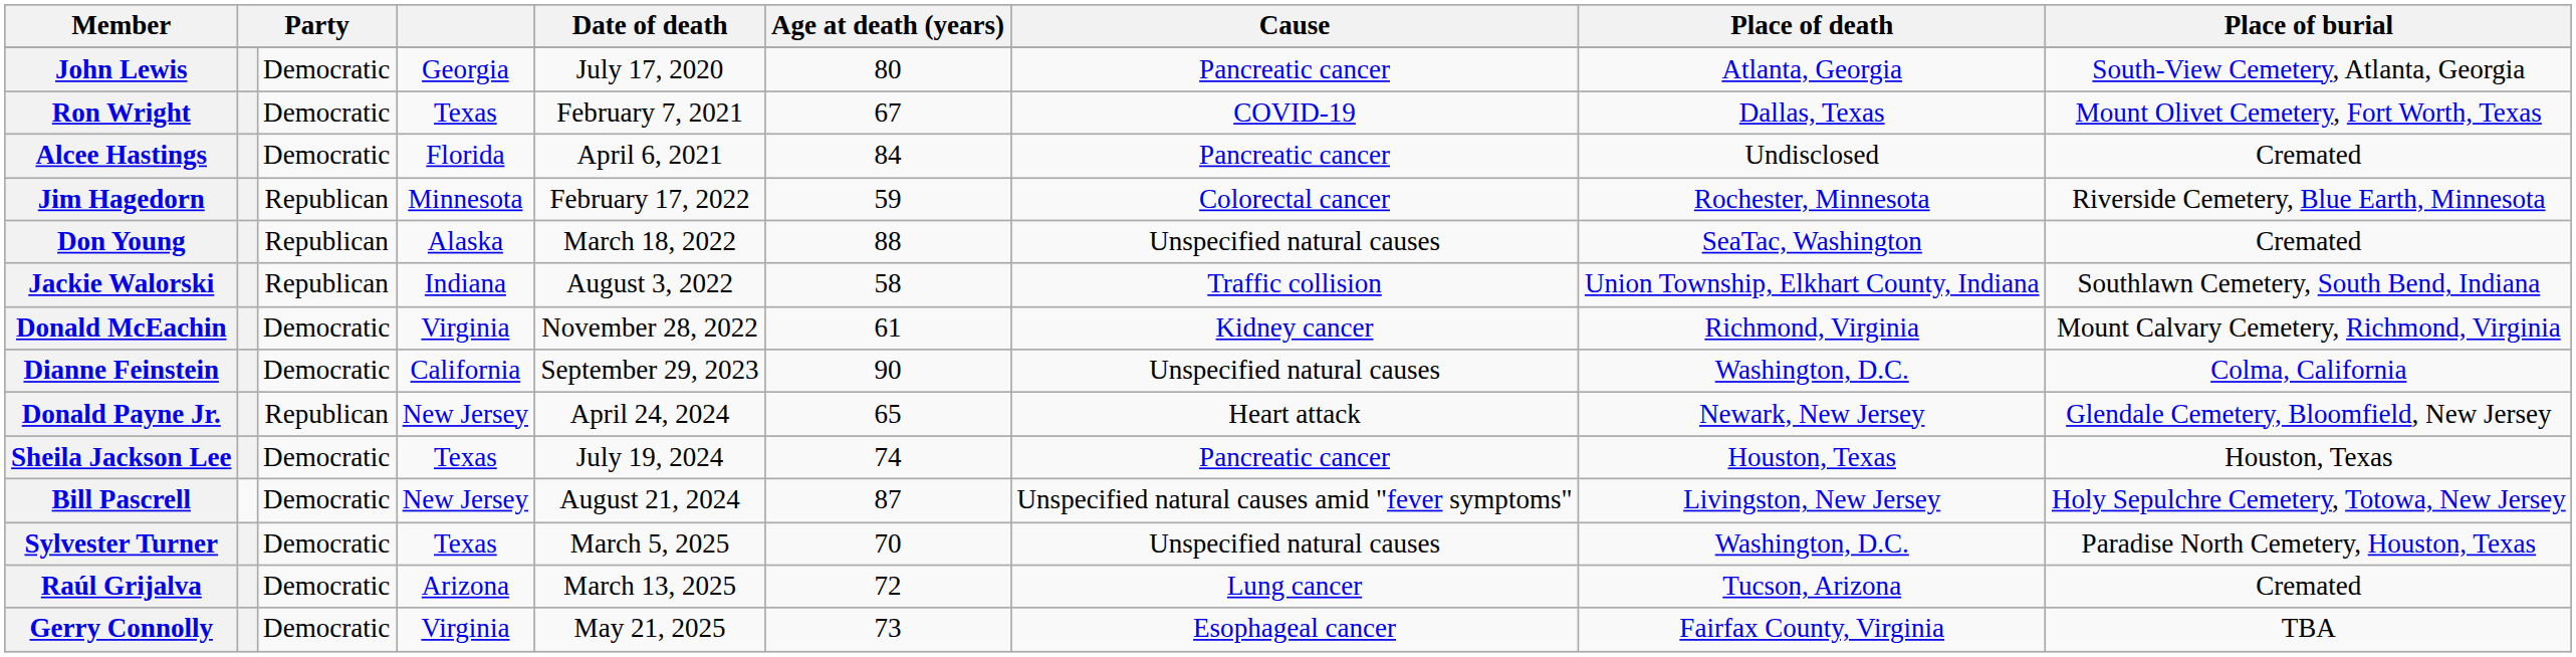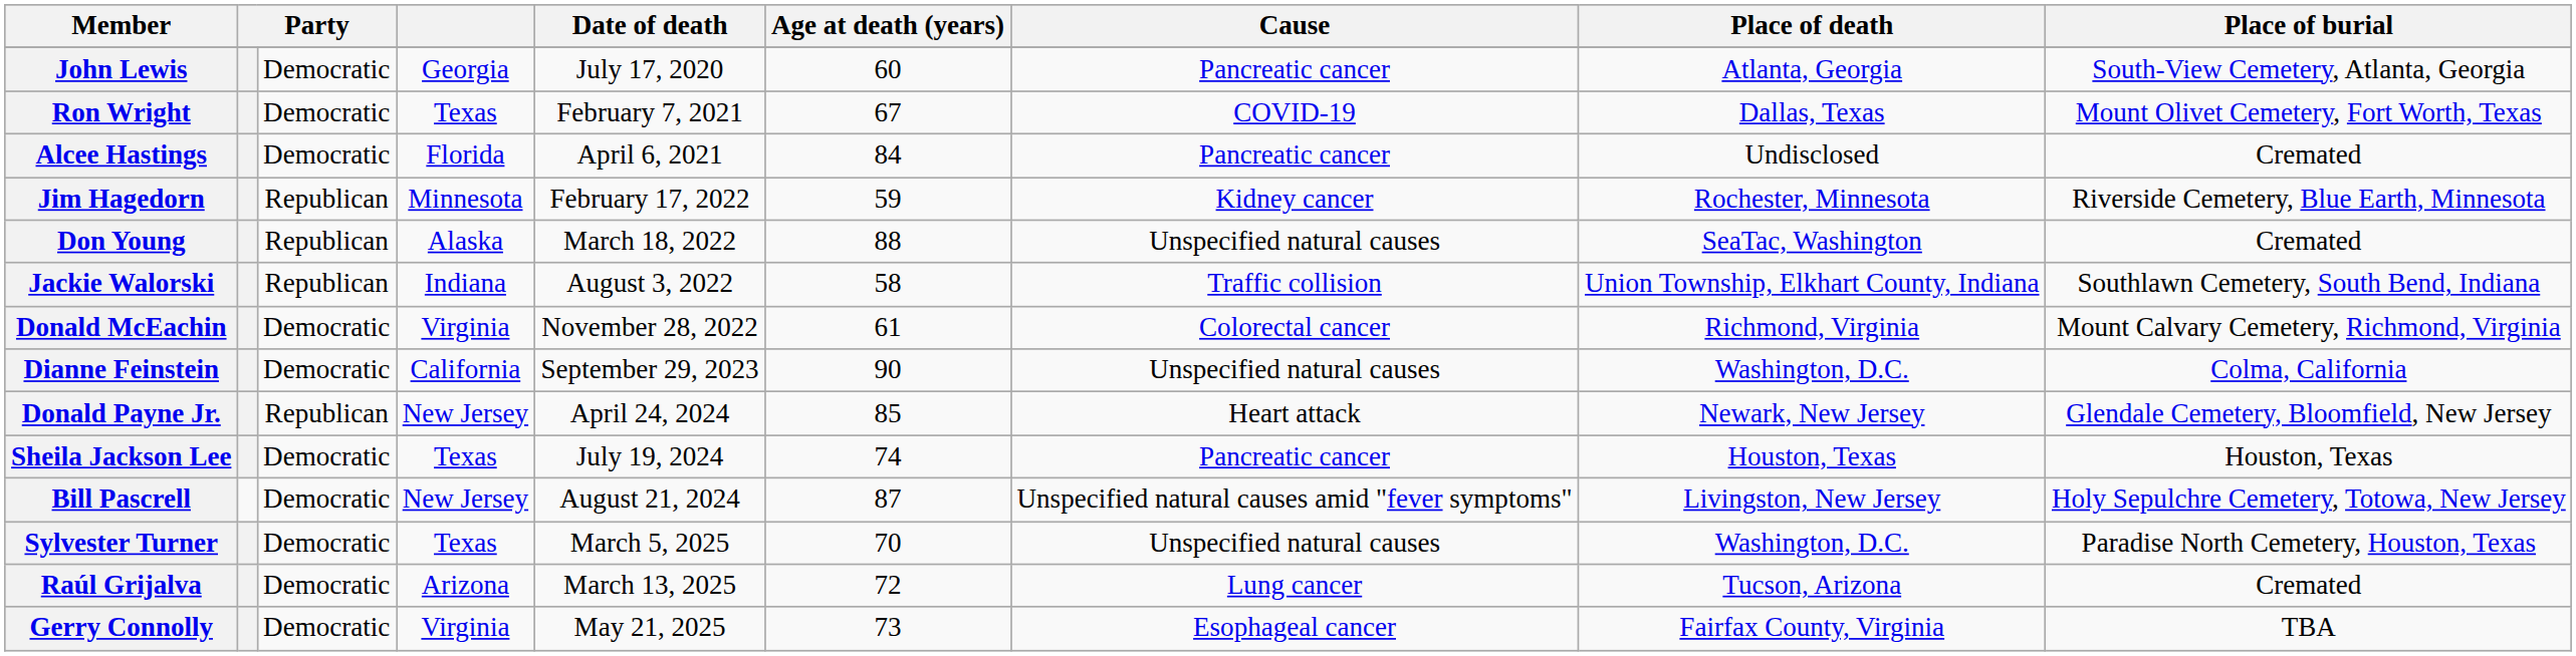 <table class="wikitable sortable" style="text-align:center">
 <tr>
 <th>Member</th>
 <th colspan = 2>Party</th>
 <th></th>
 <th>Date of death</th>
 <th>Age at death (years)</th>
 <th>Cause</th>
 <th>Place of death</th>
 <th>Place of burial</th>
 </tr>
 <tr>
 </tr>
 <tr>
 <th><a href='#'>John Lewis</a></th>
 <th style="background:"> </th>
 <td>Democratic</td>
 <td><a href='#'>Georgia</a><br></td>
 <td nowrap>July 17, 2020</td>
-<td nowrap>80</td>
+<td nowrap>60</td>
 <td><a href='#'>Pancreatic cancer</a></td>
 <td><a href='#'>Atlanta, Georgia</a></td>
 <td><a href='#'>South-View Cemetery</a>, Atlanta, Georgia</td>
 </tr>
 <tr>
 <th><a href='#'>Ron Wright</a></th>
 <th style="background:"> </th>
 <td>Democratic</td>
 <td><a href='#'>Texas</a><br></td>
 <td nowrap>February 7, 2021</td>
 <td nowrap>67</td>
 <td><a href='#'>COVID-19</a></td>
 <td><a href='#'>Dallas, Texas</a></td>
 <td><a href='#'>Mount Olivet Cemetery</a>, <a href='#'>Fort Worth, Texas</a></td>
 </tr>
 <tr>
 <th><a href='#'>Alcee Hastings</a></th>
 <th style="background:"> </th>
 <td>Democratic</td>
 <td><a href='#'>Florida</a><br></td>
 <td nowrap>April 6, 2021</td>
 <td nowrap>84</td>
 <td><a href='#'>Pancreatic cancer</a></td>
 <td>Undisclosed</td>
 <td>Cremated</td>
 </tr>
 <tr>
 <th><a href='#'>Jim Hagedorn</a></th>
 <th style="background:"> </th>
 <td>Republican</td>
 <td><a href='#'>Minnesota</a><br></td>
 <td nowrap>February 17, 2022</td>
 <td nowrap>59</td>
-<td><a href='#'>Colorectal cancer</a></td>
+<td><a href='#'>Kidney cancer</a></td>
 <td><a href='#'>Rochester, Minnesota</a></td>
 <td>Riverside Cemetery, <a href='#'>Blue Earth, Minnesota</a></td>
 </tr>
 <tr>
 <th><a href='#'>Don Young</a></th>
 <th style="background:"> </th>
 <td>Republican</td>
 <td><a href='#'>Alaska</a><br></td>
 <td nowrap>March 18, 2022</td>
 <td nowrap>88</td>
 <td>Unspecified natural causes</td>
 <td><a href='#'>SeaTac, Washington</a></td>
 <td>Cremated</td>
 </tr>
 <tr>
 <th><a href='#'>Jackie Walorski</a></th>
 <th style="background:"> </th>
 <td>Republican</td>
 <td><a href='#'>Indiana</a><br></td>
 <td nowrap>August 3, 2022</td>
 <td nowrap>58</td>
 <td><a href='#'>Traffic collision</a></td>
 <td><a href='#'>Union Township, Elkhart County, Indiana</a></td>
 <td>Southlawn Cemetery, <a href='#'>South Bend, Indiana</a></td>
 </tr>
 <tr>
 <th><a href='#'>Donald McEachin</a></th>
 <th style="background:"> </th>
 <td>Democratic</td>
 <td><a href='#'>Virginia</a><br></td>
 <td nowrap>November 28, 2022</td>
 <td nowrap>61</td>
-<td><a href='#'>Kidney cancer</a></td>
+<td><a href='#'>Colorectal cancer</a></td>
 <td><a href='#'>Richmond, Virginia</a></td>
 <td>Mount Calvary Cemetery, <a href='#'>Richmond, Virginia</a></td>
 </tr>
 <tr>
 <th><a href='#'>Dianne Feinstein</a></th>
 <th style="background:"> </th>
 <td>Democratic</td>
 <td><a href='#'>California</a> <br></td>
 <td nowrap>September 29, 2023</td>
 <td nowrap>90</td>
 <td>Unspecified natural causes</td>
 <td><a href='#'>Washington, D.C.</a></td>
 <td><a href='#'>Colma, California</a></td>
 </tr>
 <tr>
 <th><a href='#'>Donald Payne Jr.</a></th>
 <th style="background:"> </th>
 <td>Republican</td>
 <td><a href='#'>New Jersey</a> <br></td>
 <td nowrap>April 24, 2024</td>
-<td nowrap>65</td>
+<td nowrap>85</td>
 <td>Heart attack</td>
 <td><a href='#'>Newark, New Jersey</a></td>
 <td><a href='#'>Glendale Cemetery, Bloomfield</a>, New Jersey</td>
 </tr>
 <tr>
 <th><a href='#'>Sheila Jackson Lee</a></th>
 <th style="background:"> </th>
 <td>Democratic</td>
 <td><a href='#'>Texas</a> <br></td>
 <td nowrap>July 19, 2024</td>
 <td nowrap>74</td>
 <td><a href='#'>Pancreatic cancer</a></td>
 <td><a href='#'>Houston, Texas</a></td>
 <td>Houston, Texas</td>
 </tr>
 <tr>
 <th><a href='#'>Bill Pascrell</a></th>
 <td style="background:"> </td>
 <td>Democratic</td>
 <td><a href='#'>New Jersey</a> <br></td>
 <td>August 21, 2024</td>
 <td>87</td>
 <td>Unspecified natural causes amid "<a href='#'>fever</a> symptoms"</td>
 <td><a href='#'>Livingston, New Jersey</a></td>
 <td><a href='#'>Holy Sepulchre Cemetery</a>, <a href='#'>Totowa, New Jersey</a></td>
 </tr>
 <tr>
 <th><a href='#'>Sylvester Turner</a></th>
 <th style="background:"> </th>
 <td>Democratic</td>
 <td><a href='#'>Texas</a> <br></td>
 <td nowrap>March 5, 2025</td>
 <td nowrap>70</td>
 <td>Unspecified natural causes</td>
 <td><a href='#'>Washington, D.C.</a></td>
 <td>Paradise North Cemetery, <a href='#'>Houston, Texas</a></td>
 </tr>
 <tr>
 <th><a href='#'>Raúl Grijalva</a></th>
 <th style="background:"> </th>
 <td>Democratic</td>
 <td><a href='#'>Arizona</a> <br></td>
 <td nowrap>March 13, 2025</td>
 <td nowrap>72</td>
 <td><a href='#'>Lung cancer</a></td>
 <td><a href='#'>Tucson, Arizona</a></td>
 <td>Cremated</td>
 </tr>
 <tr>
 <th><a href='#'>Gerry Connolly</a></th>
 <th style="background:"> </th>
 <td>Democratic</td>
 <td><a href='#'>Virginia</a> <br></td>
 <td nowrap>May 21, 2025</td>
 <td nowrap>73</td>
 <td><a href='#'>Esophageal cancer</a></td>
 <td><a href='#'>Fairfax County, Virginia</a></td>
 <td>TBA</td>
 </tr>
 </table>
